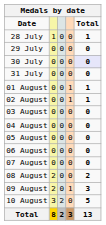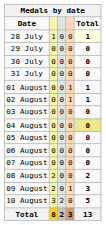 <table class="wikitable" style="font-size:85%">
 <tr bgcolor="#efefef">
 <th colspan=6>Medals by date</th>
 </tr>
 <tr align=center>
 <td><strong>Date</strong></td>
 <td bgcolor=#f7f6a8></td>
 <td bgcolor=#dce5e5></td>
 <td bgcolor=#ffdab9></td>
 <td><strong>Total</strong></td>
 </tr>
 <tr align=center>
 <td>28 July</td>
 <td style="background:#F7F6A8;">1</td>
 <td style="background:#DCE5E5;">0</td>
 <td style="background:#FFDAB9;">0</td>
-<td><strong>1</strong></td>
+<td style="background: lightyellow;"><strong>1</strong></td>
 </tr>
 <tr align=center>
 <td>29 July</td>
 <td style="background:#F7F6A8;">0</td>
 <td style="background:#DCE5E5;">0</td>
 <td style="background:#FFDAB9;">0</td>
 <td><strong>0</strong></td>
 </tr>
 <tr align=center>
 <td>30 July</td>
 <td style="background:#F7F6A8;">0</td>
 <td style="background:#DCE5E5;">0</td>
 <td style="background:#FFDAB9;">0</td>
-<td style="background: lavender;"><strong>0</strong></td>
+<td><strong>0</strong></td>
 </tr>
 <tr align=center>
 <td>31 July</td>
 <td style="background:#F7F6A8;">0</td>
 <td style="background:#DCE5E5;">0</td>
 <td style="background:#FFDAB9;">0</td>
 <td><strong>0</strong></td>
 </tr>
 <tr align=center>
 <td>01 August</td>
 <td style="background:#F7F6A8;">0</td>
 <td style="background:#DCE5E5;">0</td>
 <td style="background:#FFDAB9;">1</td>
 <td><strong>1</strong></td>
 </tr>
 <tr align=center>
 <td>02 August</td>
 <td style="background:#F7F6A8;">0</td>
 <td style="background:#DCE5E5;">0</td>
 <td style="background:#FFDAB9;">1</td>
 <td><strong>1</strong></td>
 </tr>
 <tr align=center>
 <td>03 August</td>
 <td style="background:#F7F6A8;">0</td>
 <td style="background:#DCE5E5;">0</td>
 <td style="background:#FFDAB9;">0</td>
 <td><strong>0</strong></td>
 </tr>
 <tr align=center>
 <td>04 August</td>
 <td style="background:#F7F6A8;">0</td>
 <td style="background:#DCE5E5;">0</td>
 <td style="background:#FFDAB9;">0</td>
-<td><strong>0</strong></td>
+<td style="background: khaki;"><strong>0</strong></td>
 </tr>
 <tr align=center>
 <td>05 August</td>
 <td style="background:#F7F6A8;">0</td>
 <td style="background:#DCE5E5;">0</td>
 <td style="background:#FFDAB9;">0</td>
 <td><strong>0</strong></td>
 </tr>
 <tr align=center>
 <td>06 August</td>
 <td style="background:#F7F6A8;">0</td>
 <td style="background:#DCE5E5;">0</td>
 <td style="background:#FFDAB9;">0</td>
 <td><strong>0</strong></td>
 </tr>
 <tr align=center>
 <td>07 August</td>
 <td style="background:#F7F6A8;">0</td>
 <td style="background:#DCE5E5;">0</td>
 <td style="background:#FFDAB9;">0</td>
 <td><strong>0</strong></td>
 </tr>
 <tr align=center>
 <td>08 August</td>
 <td style="background:#F7F6A8;">2</td>
 <td style="background:#DCE5E5;">0</td>
 <td style="background:#FFDAB9;">0</td>
 <td><strong>2</strong></td>
 </tr>
 <tr align=center>
 <td>09 August</td>
 <td style="background:#F7F6A8;">2</td>
 <td style="background:#DCE5E5;">0</td>
 <td style="background:#FFDAB9;">1</td>
 <td><strong>3</strong></td>
 </tr>
 <tr align=center>
 <td>10 August</td>
 <td style="background:#F7F6A8;">3</td>
 <td style="background:#DCE5E5;">2</td>
 <td style="background:#FFDAB9;">0</td>
 <td><strong>5</strong></td>
 </tr>
 <tr align=center>
 <th><strong>Total</strong></th>
 <th style="background:gold;"><strong>8</strong></th>
 <th style="background:silver;"><strong>2</strong></th>
 <th style="background:#c96;"><strong>3</strong></th>
 <th>13</th>
 </tr>
 </table>
